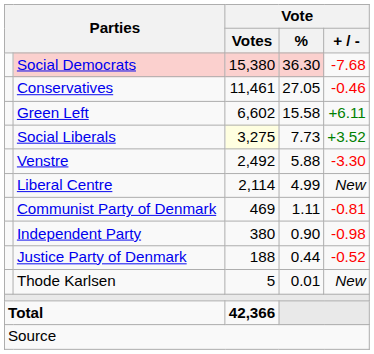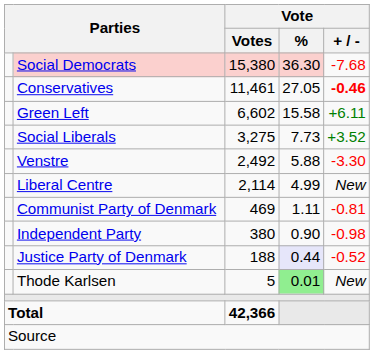 <table class="wikitable" style="text-align:right;">
 <tr>
 <th style="text-align:centre;" rowspan="2" colspan="2" width="225">Parties</th>
 <th colspan="3">Vote</th>
 </tr>
 <tr>
 <th width="15">Votes</th>
 <th width="15">%</th>
 <th width="15">+ / -</th>
 </tr>
 <tr>
 <td width="2" style="color:inherit;background:"></td>
 <td bgcolor=#fbd0ce  align="left"><a href='#'>Social Democrats</a></td>
 <td bgcolor=#fbd0ce>15,380</td>
 <td bgcolor=#fbd0ce>36.30</td>
 <td style=color:red;>-7.68</td>
 </tr>
 <tr>
 <td width="2" style="color:inherit;background:"></td>
 <td align="left"><a href='#'>Conservatives</a></td>
 <td>11,461</td>
 <td>27.05</td>
-<td style=color:red;>-0.46</td>
+<td style=color:red;><strong>-0.46</strong></td>
 </tr>
 <tr>
 <td width="2" style="color:inherit;background:"></td>
 <td align="left"><a href='#'>Green Left</a></td>
 <td>6,602</td>
 <td>15.58</td>
 <td style=color:green;>+6.11</td>
 </tr>
 <tr>
 <td width="2" style="color:inherit;background:"></td>
 <td align="left"><a href='#'>Social Liberals</a></td>
-<td style="background: lightyellow;">3,275</td>
+<td>3,275</td>
 <td>7.73</td>
 <td style=color:green;>+3.52</td>
 </tr>
 <tr>
 <td width="2" style="color:inherit;background:"></td>
 <td align="left"><a href='#'>Venstre</a></td>
 <td>2,492</td>
 <td>5.88</td>
 <td style=color:red;>-3.30</td>
 </tr>
 <tr>
 <td width="2" style="color:inherit;background:"></td>
 <td align="left"><a href='#'>Liberal Centre</a></td>
 <td>2,114</td>
 <td>4.99</td>
 <td><em>New</em></td>
 </tr>
 <tr>
 <td width="2" style="color:inherit;background:"></td>
 <td align="left"><a href='#'>Communist Party of Denmark</a></td>
 <td>469</td>
 <td>1.11</td>
 <td style=color:red;>-0.81</td>
 </tr>
 <tr>
 <td width="2" style="color:inherit;background:"></td>
 <td align="left"><a href='#'>Independent Party</a></td>
 <td>380</td>
 <td>0.90</td>
 <td style=color:red;>-0.98</td>
 </tr>
 <tr>
 <td width="2" style="color:inherit;background:"></td>
 <td align="left"><a href='#'>Justice Party of Denmark</a></td>
 <td>188</td>
-<td>0.44</td>
+<td style="background: lavender;">0.44</td>
 <td style=color:red;>-0.52</td>
 </tr>
 <tr>
 <td width="2" style="color:inherit;background:"></td>
 <td align="left">Thode Karlsen</td>
 <td>5</td>
-<td>0.01</td>
+<td style="background: lightgreen;">0.01</td>
 <td><em>New</em></td>
 </tr>
 <tr>
 <td colspan="7" bgcolor="#E9E9E9"></td>
 </tr>
 <tr>
 <td align="left" colspan="2"><strong>Total</strong></td>
 <td><strong>42,366</strong></td>
 <td bgcolor="#E9E9E9" colspan="2"></td>
 </tr>
 <tr>
 <td align="left" colspan="6">Source</td>
 </tr>
 </table>
